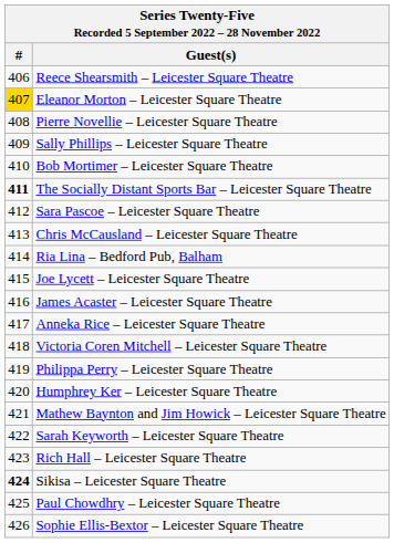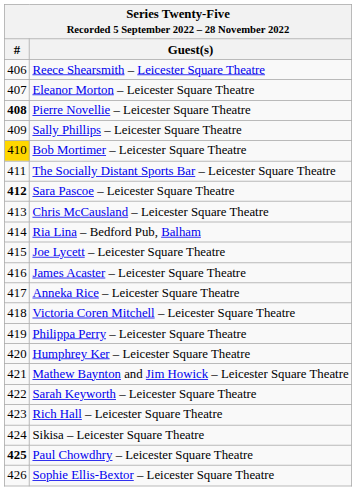 <table class="wikitable">
 <tr>
 <th colspan="3">Series Twenty-Five<br><small>Recorded 5 September 2022 – 28 November 2022 </small></th>
 </tr>
 <tr>
 <th>#</th>
 <th>Guest(s)</th>
 </tr>
 <tr>
 <td>406</td>
 <td><a href='#'>Reece Shearsmith</a> – <a href='#'>Leicester Square Theatre</a></td>
 </tr>
 <tr>
-<td style="background: gold;">407</td>
+<td>407</td>
 <td><a href='#'>Eleanor Morton</a> – Leicester Square Theatre</td>
 </tr>
 <tr>
-<td>408</td>
+<td><strong>408</strong></td>
 <td><a href='#'>Pierre Novellie</a> – Leicester Square Theatre</td>
 </tr>
 <tr>
 <td>409</td>
 <td><a href='#'>Sally Phillips</a> – Leicester Square Theatre</td>
 </tr>
 <tr>
-<td>410</td>
+<td style="background: gold;">410</td>
 <td><a href='#'>Bob Mortimer</a> – Leicester Square Theatre</td>
 </tr>
 <tr>
-<td><strong>411</strong></td>
+<td>411</td>
 <td><a href='#'>The Socially Distant Sports Bar</a> – Leicester Square Theatre</td>
 </tr>
 <tr>
-<td>412</td>
+<td><strong>412</strong></td>
 <td><a href='#'>Sara Pascoe</a> – Leicester Square Theatre</td>
 </tr>
 <tr>
 <td>413</td>
 <td><a href='#'>Chris McCausland</a> – Leicester Square Theatre</td>
 </tr>
 <tr>
 <td>414</td>
 <td><a href='#'>Ria Lina</a> – Bedford Pub, <a href='#'>Balham</a></td>
 </tr>
 <tr>
 <td>415</td>
 <td><a href='#'>Joe Lycett</a> – Leicester Square Theatre</td>
 </tr>
 <tr>
 <td>416</td>
 <td><a href='#'>James Acaster</a> – Leicester Square Theatre</td>
 </tr>
 <tr>
 <td>417</td>
 <td><a href='#'>Anneka Rice</a> – Leicester Square Theatre</td>
 </tr>
 <tr>
 <td>418</td>
 <td><a href='#'>Victoria Coren Mitchell</a> – Leicester Square Theatre</td>
 </tr>
 <tr>
 <td>419</td>
 <td><a href='#'>Philippa Perry</a> – Leicester Square Theatre</td>
 </tr>
 <tr>
 <td>420</td>
 <td><a href='#'>Humphrey Ker</a> – Leicester Square Theatre</td>
 </tr>
 <tr>
 <td>421</td>
 <td><a href='#'>Mathew Baynton</a> and <a href='#'>Jim Howick</a> – Leicester Square Theatre</td>
 </tr>
 <tr>
 <td>422</td>
 <td><a href='#'>Sarah Keyworth</a> – Leicester Square Theatre</td>
 </tr>
 <tr>
 <td>423</td>
 <td><a href='#'>Rich Hall</a> – Leicester Square Theatre</td>
 </tr>
 <tr>
-<td><strong>424</strong></td>
+<td>424</td>
 <td>Sikisa – Leicester Square Theatre</td>
 </tr>
 <tr>
-<td>425</td>
+<td><strong>425</strong></td>
 <td><a href='#'>Paul Chowdhry</a> – Leicester Square Theatre</td>
 </tr>
 <tr>
 <td>426</td>
 <td><a href='#'>Sophie Ellis-Bextor</a> – Leicester Square Theatre</td>
 </tr>
 </table>
